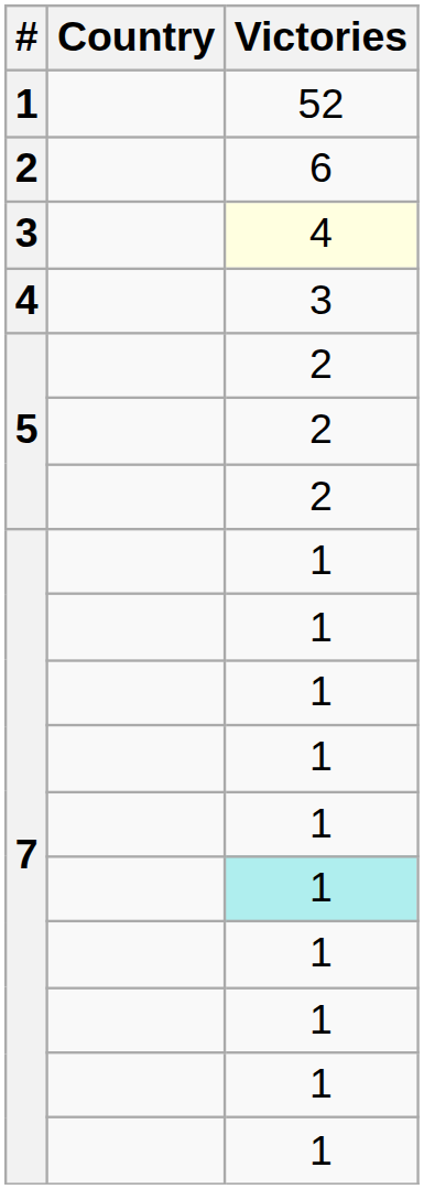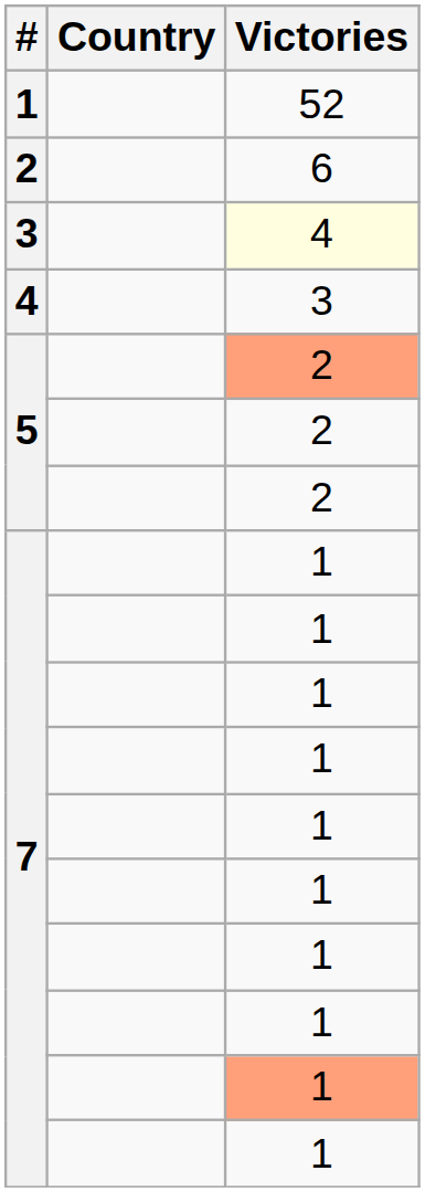 <table class="wikitable">
 <tr style="background:#efefef;">
 <th>#</th>
 <th>Country</th>
 <th>Victories</th>
 </tr>
 <tr>
 <th>1</th>
 <td></td>
 <td align="center">52</td>
 </tr>
 <tr>
 <th>2</th>
 <td></td>
 <td align="center">6</td>
 </tr>
 <tr>
 <th>3</th>
 <td></td>
 <td align="center" style="background: lightyellow;">4</td>
 </tr>
 <tr>
 <th>4</th>
 <td></td>
 <td align="center">3</td>
 </tr>
 <tr>
 <th rowspan="3">5</th>
 <td></td>
-<td align="center">2</td>
+<td align="center" style="background: lightsalmon;">2</td>
 </tr>
 <tr>
 <td></td>
 <td align="center">2</td>
 </tr>
 <tr>
 <td></td>
 <td align="center">2</td>
 </tr>
 <tr>
 <th rowspan="10">7</th>
 <td></td>
 <td align="center">1</td>
 </tr>
 <tr>
 <td></td>
 <td align="center">1</td>
 </tr>
 <tr>
 <td></td>
 <td align="center">1</td>
 </tr>
 <tr>
 <td></td>
 <td align="center">1</td>
 </tr>
 <tr>
 <td></td>
 <td align="center">1</td>
 </tr>
 <tr>
 <td></td>
-<td align="center" style="background: paleturquoise;">1</td>
-</tr>
-<tr>
-<td></td>
 <td align="center">1</td>
 </tr>
 <tr>
 <td></td>
 <td align="center">1</td>
 </tr>
 <tr>
 <td></td>
 <td align="center">1</td>
 </tr>
 <tr>
 <td></td>
+<td align="center" style="background: lightsalmon;">1</td>
+</tr>
+<tr>
+<td></td>
 <td align="center">1</td>
 </tr>
 </table>
